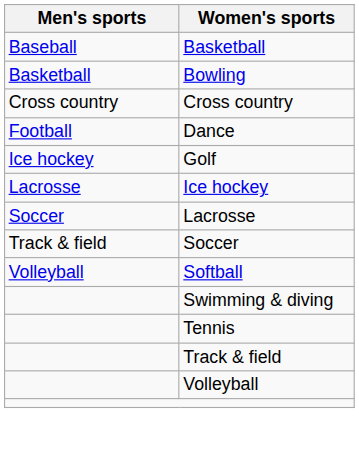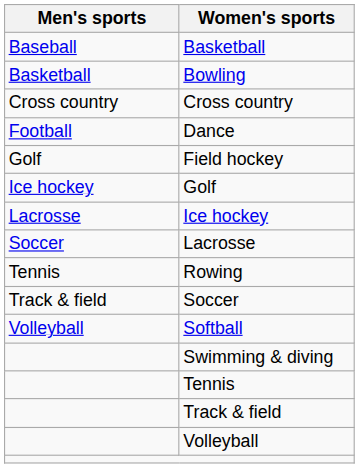 <table class="wikitable" style=" ">
 <tr>
 <th width=150px>Men's sports</th>
 <th width=150px>Women's sports</th>
 </tr>
 <tr>
 <td><a href='#'>Baseball</a></td>
 <td><a href='#'>Basketball</a></td>
 </tr>
 <tr>
 <td><a href='#'>Basketball</a></td>
 <td><a href='#'>Bowling</a></td>
 </tr>
 <tr>
 <td>Cross country</td>
 <td>Cross country</td>
 </tr>
 <tr>
 <td><a href='#'>Football</a></td>
 <td>Dance</td>
 </tr>
 <tr>
+<td>Golf</td>
+<td>Field hockey</td>
+</tr>
+<tr>
 <td><a href='#'>Ice hockey</a></td>
 <td>Golf</td>
 </tr>
 <tr>
 <td><a href='#'>Lacrosse</a></td>
 <td><a href='#'>Ice hockey</a></td>
 </tr>
 <tr>
 <td><a href='#'>Soccer</a></td>
 <td>Lacrosse</td>
+</tr>
+<tr>
+<td>Tennis</td>
+<td>Rowing</td>
 </tr>
 <tr>
 <td>Track & field</td>
 <td>Soccer</td>
 </tr>
 <tr>
 <td><a href='#'>Volleyball</a></td>
 <td><a href='#'>Softball</a></td>
 </tr>
 <tr>
 <td></td>
 <td>Swimming & diving</td>
 </tr>
 <tr>
 <td></td>
 <td>Tennis</td>
 </tr>
 <tr>
 <td></td>
 <td>Track & field</td>
 </tr>
 <tr>
 <td></td>
 <td>Volleyball</td>
 </tr>
 <tr>
 <td colspan="2"></td>
 </tr>
 </table>
